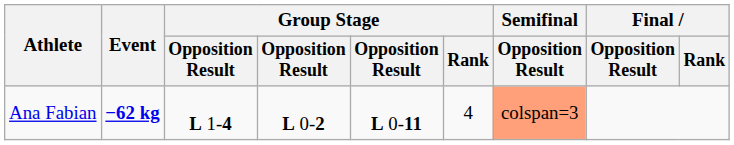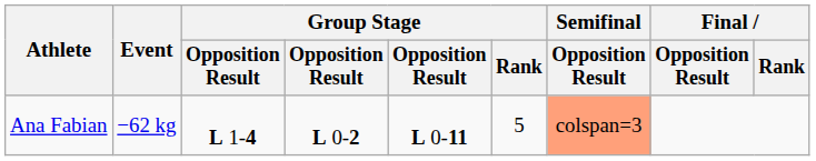 <table class="wikitable" style="font-size:90%">
 <tr>
 <th rowspan="2">Athlete</th>
 <th rowspan="2">Event</th>
 <th colspan=4>Group Stage</th>
 <th>Semifinal</th>
 <th colspan=2>Final / </th>
 </tr>
 <tr style="font-size: 95%">
 <th>Opposition<br>Result</th>
 <th>Opposition<br>Result</th>
 <th>Opposition<br>Result</th>
 <th>Rank</th>
 <th>Opposition<br>Result</th>
 <th>Opposition<br>Result</th>
 <th>Rank</th>
 </tr>
 <tr align=center>
 <td align=left><a href='#'>Ana Fabian</a></td>
-<td align=left><strong><a href='#'>−62 kg</a></strong></td>
+<td align=left><a href='#'>−62 kg</a></td>
 <td><br><strong>L</strong> 1-<strong>4</strong></td>
 <td><br><strong>L</strong> 0-<strong>2</strong></td>
 <td><br><strong>L</strong> 0-<strong>11</strong></td>
-<td>4</td>
+<td>5</td>
 <td style="background: lightsalmon;">colspan=3 </td>
 </tr>
 </table>
